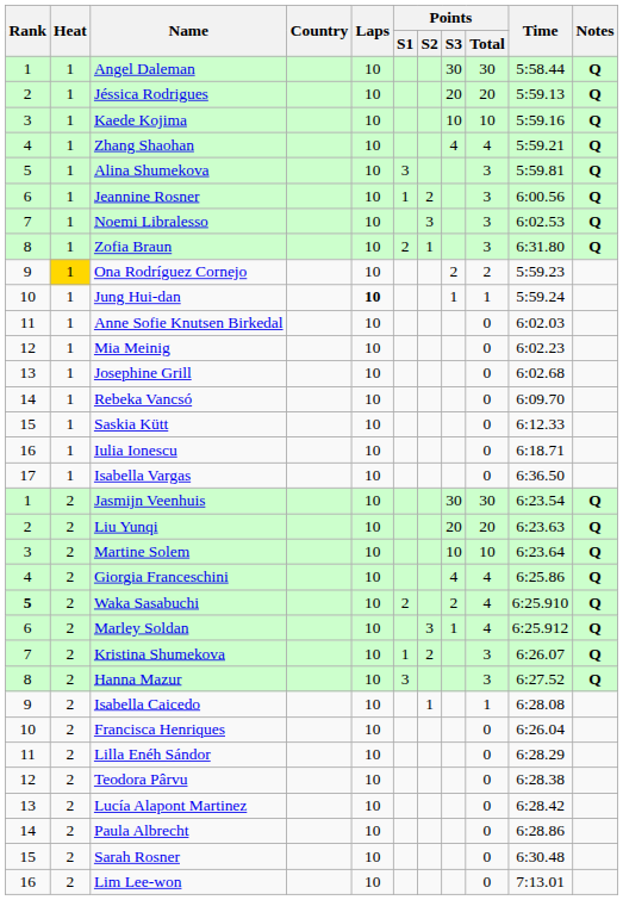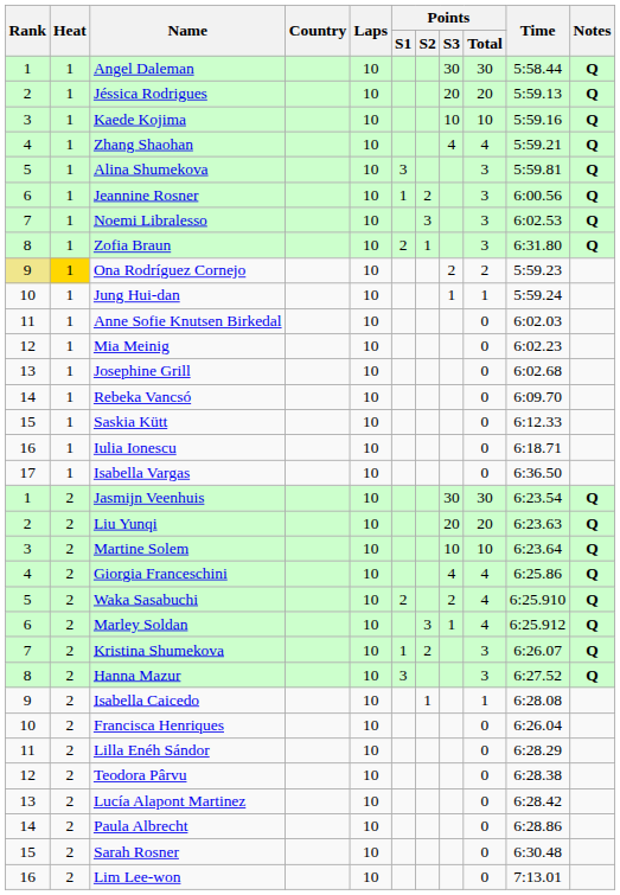 <table class="wikitable sortable" style="text-align:center">
 <tr>
 <th rowspan=2>Rank</th>
 <th rowspan=2>Heat</th>
 <th rowspan="2">Name</th>
 <th rowspan="2">Country</th>
 <th rowspan="2">Laps</th>
 <th colspan=4>Points</th>
 <th rowspan=2>Time</th>
 <th rowspan=2>Notes</th>
 </tr>
 <tr>
 <th class=unsortable>S1</th>
 <th class=unsortable>S2</th>
 <th class=unsortable>S3</th>
 <th>Total</th>
 </tr>
 <tr bgcolor=#ccffcc>
 <td>1</td>
 <td>1</td>
 <td align=left><a href='#'>Angel Daleman</a></td>
 <td align=left></td>
 <td>10</td>
 <td></td>
 <td></td>
 <td>30</td>
 <td>30</td>
 <td>5:58.44</td>
 <td><strong>Q</strong></td>
 </tr>
 <tr bgcolor=#ccffcc>
 <td>2</td>
 <td>1</td>
 <td align=left><a href='#'>Jéssica Rodrigues</a></td>
 <td align=left></td>
 <td>10</td>
 <td></td>
 <td></td>
 <td>20</td>
 <td>20</td>
 <td>5:59.13</td>
 <td><strong>Q</strong></td>
 </tr>
 <tr bgcolor=#ccffcc>
 <td>3</td>
 <td>1</td>
 <td align=left><a href='#'>Kaede Kojima</a></td>
 <td align=left></td>
 <td>10</td>
 <td></td>
 <td></td>
 <td>10</td>
 <td>10</td>
 <td>5:59.16</td>
 <td><strong>Q</strong></td>
 </tr>
 <tr bgcolor=#ccffcc>
 <td>4</td>
 <td>1</td>
 <td align=left><a href='#'>Zhang Shaohan</a></td>
 <td align=left></td>
 <td>10</td>
 <td></td>
 <td></td>
 <td>4</td>
 <td>4</td>
 <td>5:59.21</td>
 <td><strong>Q</strong></td>
 </tr>
 <tr bgcolor=#ccffcc>
 <td>5</td>
 <td>1</td>
 <td align=left><a href='#'>Alina Shumekova</a></td>
 <td align=left></td>
 <td>10</td>
 <td>3</td>
 <td></td>
 <td></td>
 <td>3</td>
 <td>5:59.81</td>
 <td><strong>Q</strong></td>
 </tr>
 <tr bgcolor=#ccffcc>
 <td>6</td>
 <td>1</td>
 <td align=left><a href='#'>Jeannine Rosner</a></td>
 <td align=left></td>
 <td>10</td>
 <td>1</td>
 <td>2</td>
 <td></td>
 <td>3</td>
 <td>6:00.56</td>
 <td><strong>Q</strong></td>
 </tr>
 <tr bgcolor=#ccffcc>
 <td>7</td>
 <td>1</td>
 <td align=left><a href='#'>Noemi Libralesso</a></td>
 <td align=left></td>
 <td>10</td>
 <td></td>
 <td>3</td>
 <td></td>
 <td>3</td>
 <td>6:02.53</td>
 <td><strong>Q</strong></td>
 </tr>
 <tr bgcolor=#ccffcc>
 <td>8</td>
 <td>1</td>
 <td align=left><a href='#'>Zofia Braun</a></td>
 <td align=left></td>
 <td>10</td>
 <td>2</td>
 <td>1</td>
 <td></td>
 <td>3</td>
 <td>6:31.80</td>
 <td><strong>Q</strong></td>
 </tr>
 <tr>
-<td>9</td>
+<td style="background: khaki;">9</td>
 <td style="background: gold;">1</td>
 <td align=left><a href='#'>Ona Rodríguez Cornejo</a></td>
 <td align=left></td>
 <td>10</td>
 <td></td>
 <td></td>
 <td>2</td>
 <td>2</td>
 <td>5:59.23</td>
 <td></td>
 </tr>
 <tr>
 <td>10</td>
 <td>1</td>
 <td align=left><a href='#'>Jung Hui-dan</a></td>
 <td align=left></td>
-<td><strong>10</strong></td>
+<td>10</td>
 <td></td>
 <td></td>
 <td>1</td>
 <td>1</td>
 <td>5:59.24</td>
 <td></td>
 </tr>
 <tr>
 <td>11</td>
 <td>1</td>
 <td align=left><a href='#'>Anne Sofie Knutsen Birkedal</a></td>
 <td align=left></td>
 <td>10</td>
 <td></td>
 <td></td>
 <td></td>
 <td>0</td>
 <td>6:02.03</td>
 <td></td>
 </tr>
 <tr>
 <td>12</td>
 <td>1</td>
 <td align=left><a href='#'>Mia Meinig</a></td>
 <td align=left></td>
 <td>10</td>
 <td></td>
 <td></td>
 <td></td>
 <td>0</td>
 <td>6:02.23</td>
 <td></td>
 </tr>
 <tr>
 <td>13</td>
 <td>1</td>
 <td align=left><a href='#'>Josephine Grill</a></td>
 <td align=left></td>
 <td>10</td>
 <td></td>
 <td></td>
 <td></td>
 <td>0</td>
 <td>6:02.68</td>
 <td></td>
 </tr>
 <tr>
 <td>14</td>
 <td>1</td>
 <td align=left><a href='#'>Rebeka Vancsó</a></td>
 <td align=left></td>
 <td>10</td>
 <td></td>
 <td></td>
 <td></td>
 <td>0</td>
 <td>6:09.70</td>
 <td></td>
 </tr>
 <tr>
 <td>15</td>
 <td>1</td>
 <td align=left><a href='#'>Saskia Kütt</a></td>
 <td align=left></td>
 <td>10</td>
 <td></td>
 <td></td>
 <td></td>
 <td>0</td>
 <td>6:12.33</td>
 <td></td>
 </tr>
 <tr>
 <td>16</td>
 <td>1</td>
 <td align=left><a href='#'>Iulia Ionescu</a></td>
 <td align=left></td>
 <td>10</td>
 <td></td>
 <td></td>
 <td></td>
 <td>0</td>
 <td>6:18.71</td>
 <td></td>
 </tr>
 <tr>
 <td>17</td>
 <td>1</td>
 <td align=left><a href='#'>Isabella Vargas</a></td>
 <td align=left></td>
 <td>10</td>
 <td></td>
 <td></td>
 <td></td>
 <td>0</td>
 <td>6:36.50</td>
 <td></td>
 </tr>
 <tr bgcolor=#ccffcc>
 <td>1</td>
 <td>2</td>
 <td align=left><a href='#'>Jasmijn Veenhuis</a></td>
 <td align=left></td>
 <td>10</td>
 <td></td>
 <td></td>
 <td>30</td>
 <td>30</td>
 <td>6:23.54</td>
 <td><strong>Q</strong></td>
 </tr>
 <tr bgcolor=#ccffcc>
 <td>2</td>
 <td>2</td>
 <td align=left><a href='#'>Liu Yunqi</a></td>
 <td align=left></td>
 <td>10</td>
 <td></td>
 <td></td>
 <td>20</td>
 <td>20</td>
 <td>6:23.63</td>
 <td><strong>Q</strong></td>
 </tr>
 <tr bgcolor=#ccffcc>
 <td>3</td>
 <td>2</td>
 <td align=left><a href='#'>Martine Solem</a></td>
 <td align=left></td>
 <td>10</td>
 <td></td>
 <td></td>
 <td>10</td>
 <td>10</td>
 <td>6:23.64</td>
 <td><strong>Q</strong></td>
 </tr>
 <tr bgcolor=#ccffcc>
 <td>4</td>
 <td>2</td>
 <td align=left><a href='#'>Giorgia Franceschini</a></td>
 <td align=left></td>
 <td>10</td>
 <td></td>
 <td></td>
 <td>4</td>
 <td>4</td>
 <td>6:25.86</td>
 <td><strong>Q</strong></td>
 </tr>
 <tr bgcolor=#ccffcc>
-<td><strong>5</strong></td>
+<td>5</td>
 <td>2</td>
 <td align=left><a href='#'>Waka Sasabuchi</a></td>
 <td align=left></td>
 <td>10</td>
 <td>2</td>
 <td></td>
 <td>2</td>
 <td>4</td>
 <td>6:25.910</td>
 <td><strong>Q</strong></td>
 </tr>
 <tr bgcolor=#ccffcc>
 <td>6</td>
 <td>2</td>
 <td align=left><a href='#'>Marley Soldan</a></td>
 <td align=left></td>
 <td>10</td>
 <td></td>
 <td>3</td>
 <td>1</td>
 <td>4</td>
 <td>6:25.912</td>
 <td><strong>Q</strong></td>
 </tr>
 <tr bgcolor=#ccffcc>
 <td>7</td>
 <td>2</td>
 <td align=left><a href='#'>Kristina Shumekova</a></td>
 <td align=left></td>
 <td>10</td>
 <td>1</td>
 <td>2</td>
 <td></td>
 <td>3</td>
 <td>6:26.07</td>
 <td><strong>Q</strong></td>
 </tr>
 <tr bgcolor=#ccffcc>
 <td>8</td>
 <td>2</td>
 <td align=left><a href='#'>Hanna Mazur</a></td>
 <td align=left></td>
 <td>10</td>
 <td>3</td>
 <td></td>
 <td></td>
 <td>3</td>
 <td>6:27.52</td>
 <td><strong>Q</strong></td>
 </tr>
 <tr>
 <td>9</td>
 <td>2</td>
 <td align=left><a href='#'>Isabella Caicedo</a></td>
 <td align=left></td>
 <td>10</td>
 <td></td>
 <td>1</td>
 <td></td>
 <td>1</td>
 <td>6:28.08</td>
 <td></td>
 </tr>
 <tr>
 <td>10</td>
 <td>2</td>
 <td align=left><a href='#'>Francisca Henriques</a></td>
 <td align=left></td>
 <td>10</td>
 <td></td>
 <td></td>
 <td></td>
 <td>0</td>
 <td>6:26.04</td>
 <td></td>
 </tr>
 <tr>
 <td>11</td>
 <td>2</td>
 <td align=left><a href='#'>Lilla Enéh Sándor</a></td>
 <td align=left></td>
 <td>10</td>
 <td></td>
 <td></td>
 <td></td>
 <td>0</td>
 <td>6:28.29</td>
 <td></td>
 </tr>
 <tr>
 <td>12</td>
 <td>2</td>
 <td align=left><a href='#'>Teodora Pârvu</a></td>
 <td align=left></td>
 <td>10</td>
 <td></td>
 <td></td>
 <td></td>
 <td>0</td>
 <td>6:28.38</td>
 <td></td>
 </tr>
 <tr>
 <td>13</td>
 <td>2</td>
 <td align=left><a href='#'>Lucía Alapont Martinez</a></td>
 <td align=left></td>
 <td>10</td>
 <td></td>
 <td></td>
 <td></td>
 <td>0</td>
 <td>6:28.42</td>
 <td></td>
 </tr>
 <tr>
 <td>14</td>
 <td>2</td>
 <td align=left><a href='#'>Paula Albrecht</a></td>
 <td align=left></td>
 <td>10</td>
 <td></td>
 <td></td>
 <td></td>
 <td>0</td>
 <td>6:28.86</td>
 <td></td>
 </tr>
 <tr>
 <td>15</td>
 <td>2</td>
 <td align=left><a href='#'>Sarah Rosner</a></td>
 <td align=left></td>
 <td>10</td>
 <td></td>
 <td></td>
 <td></td>
 <td>0</td>
 <td>6:30.48</td>
 <td></td>
 </tr>
 <tr>
 <td>16</td>
 <td>2</td>
 <td align=left><a href='#'>Lim Lee-won</a></td>
 <td align=left></td>
 <td>10</td>
 <td></td>
 <td></td>
 <td></td>
 <td>0</td>
 <td>7:13.01</td>
 <td></td>
 </tr>
 </table>
